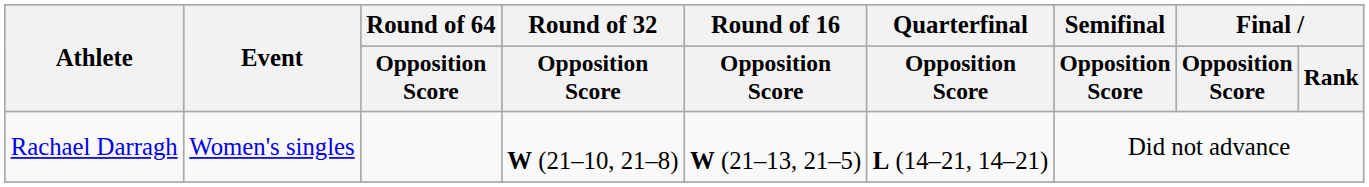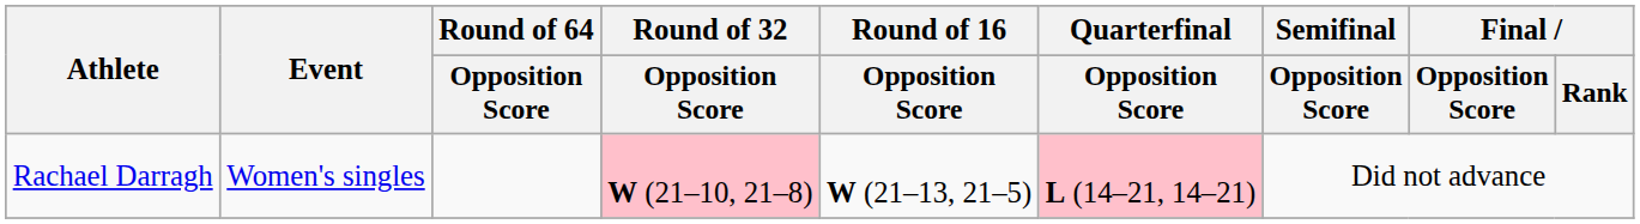 <table class=wikitable style="font-size:90%">
 <tr>
 <th rowspan=2>Athlete</th>
 <th rowspan=2>Event</th>
 <th>Round of 64</th>
 <th>Round of 32</th>
 <th>Round of 16</th>
 <th>Quarterfinal</th>
 <th>Semifinal</th>
 <th colspan=2>Final / </th>
 </tr>
 <tr style="font-size:95%">
 <th>Opposition<br>Score</th>
 <th>Opposition<br>Score</th>
 <th>Opposition<br>Score</th>
 <th>Opposition<br>Score</th>
 <th>Opposition<br>Score</th>
 <th>Opposition<br>Score</th>
 <th>Rank</th>
 </tr>
 <tr align=center>
 <td align=left><a href='#'>Rachael Darragh</a></td>
 <td align=left><a href='#'>Women's singles</a></td>
 <td></td>
-<td><br><strong>W</strong> (21–10, 21–8)</td>
+<td style="background: pink;"><br><strong>W</strong> (21–10, 21–8)</td>
 <td><br><strong>W</strong> (21–13, 21–5)</td>
-<td><br><strong>L</strong> (14–21, 14–21)</td>
+<td style="background: pink;"><br><strong>L</strong> (14–21, 14–21)</td>
 <td colspan="3">Did not advance</td>
 </tr>
 </table>
